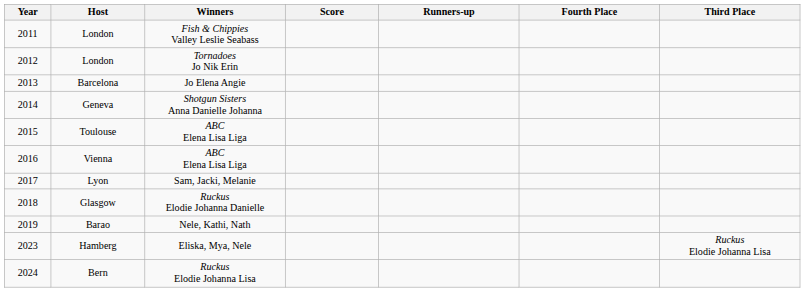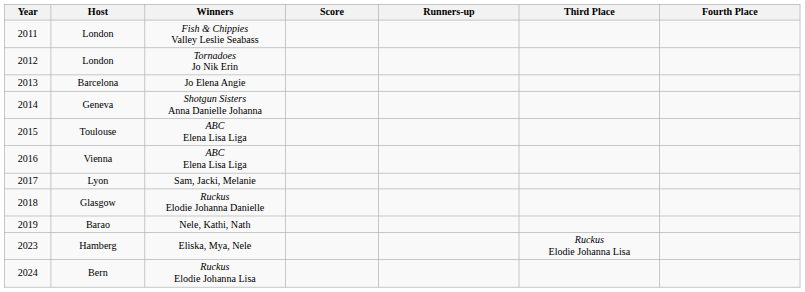 <table class="wikitable mw-collapsible" style="text-align:center; width:100%">
 <tr>
 <th width="5%">Year</th>
 <th width="10%">Host</th>
 <th width="15%">Winners</th>
 <th width="10%">Score</th>
 <th width="15%">Runners-up</th>
+<th width="15%">Third Place</th>
 <th width="15%">Fourth Place</th>
-<th width="15%">Third Place</th>
 </tr>
 <tr>
 <td>2011</td>
 <td>London<br></td>
 <td><em>Fish & Chippies</em><br>Valley  Leslie  Seabass </td>
 <td></td>
 <td></td>
 <td></td>
 <td></td>
 </tr>
 <tr>
 <td>2012</td>
 <td>London<br></td>
 <td><em>Tornadoes</em><br>Jo  Nik   Erin </td>
 <td></td>
 <td></td>
 <td></td>
 <td></td>
 </tr>
 <tr>
 <td>2013</td>
 <td>Barcelona<br></td>
 <td>Jo  Elena  Angie </td>
 <td></td>
 <td></td>
 <td></td>
 <td></td>
 </tr>
 <tr>
 <td>2014</td>
 <td>Geneva<br></td>
 <td><em>Shotgun Sisters</em><br>Anna  Danielle Johanna </td>
 <td></td>
 <td></td>
 <td></td>
 <td></td>
 </tr>
 <tr>
 <td>2015</td>
 <td>Toulouse<br></td>
 <td><em>ABC</em><br>Elena  Lisa  Liga </td>
 <td></td>
 <td></td>
 <td></td>
 <td></td>
 </tr>
 <tr>
 <td>2016</td>
 <td>Vienna<br></td>
 <td><em>ABC</em><br>Elena  Lisa  Liga </td>
 <td></td>
 <td></td>
 <td></td>
 <td></td>
 </tr>
 <tr>
 <td>2017</td>
 <td>Lyon<br></td>
 <td>Sam, Jacki, Melanie</td>
 <td></td>
 <td></td>
 <td></td>
 <td></td>
 </tr>
 <tr>
 <td>2018</td>
 <td>Glasgow<br></td>
 <td><em>Ruckus</em><br>Elodie  Johanna Danielle </td>
 <td></td>
 <td></td>
 <td></td>
 <td></td>
 </tr>
 <tr>
 <td>2019</td>
 <td>Barao<br></td>
 <td>Nele, Kathi, Nath</td>
 <td></td>
 <td></td>
 <td></td>
 <td></td>
 </tr>
 <tr>
 <td>2023</td>
 <td>Hamberg<br></td>
 <td>Eliska, Mya, Nele</td>
 <td></td>
 <td></td>
+<td><em>Ruckus</em><br>Elodie  Johanna Lisa </td>
 <td></td>
-<td><em>Ruckus</em><br>Elodie  Johanna Lisa </td>
 </tr>
 <tr>
 <td>2024</td>
 <td>Bern<br></td>
 <td><em>Ruckus</em><br>Elodie  Johanna  Lisa </td>
 <td></td>
 <td></td>
 <td></td>
 <td></td>
 </tr>
 </table>
